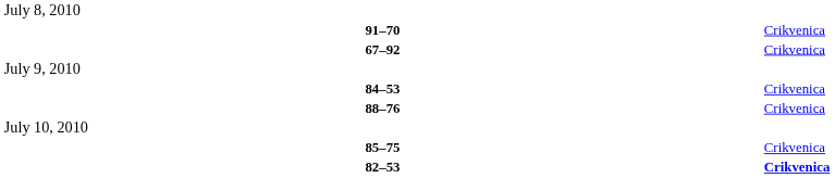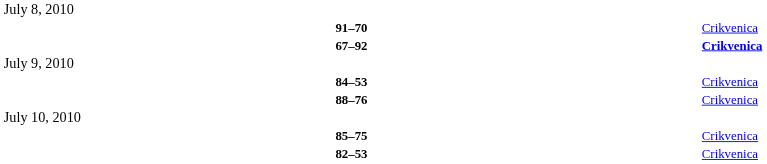 <table style="width:100%;" cellspacing="1">
 <tr>
 <th width=25%></th>
 <th width=3%></th>
 <th width=6%></th>
 <th width=3%></th>
 <th width=25%></th>
 </tr>
 <tr>
 <td>July 8, 2010</td>
 </tr>
 <tr style=font-size:90%>
 <td align=right><strong></strong></td>
 <td></td>
 <td align=center><strong>91–70</strong></td>
 <td></td>
 <td><strong></strong></td>
 <td><a href='#'>Crikvenica</a></td>
 </tr>
 <tr style=font-size:90%>
 <td align=right><strong></strong></td>
 <td></td>
 <td align=center><strong>67–92</strong></td>
 <td></td>
 <td><strong></strong></td>
-<td><a href='#'>Crikvenica</a></td>
+<td><strong><a href='#'>Crikvenica</a></strong></td>
 </tr>
 <tr>
 <td>July 9, 2010</td>
 </tr>
 <tr style=font-size:90%>
 <td align=right><strong></strong></td>
 <td></td>
 <td align=center><strong>84–53</strong></td>
 <td></td>
 <td><strong></strong></td>
 <td><a href='#'>Crikvenica</a></td>
 </tr>
 <tr style=font-size:90%>
 <td align=right><strong></strong></td>
 <td></td>
 <td align=center><strong>88–76</strong></td>
 <td></td>
 <td><strong></strong></td>
 <td><a href='#'>Crikvenica</a></td>
 </tr>
 <tr>
 <td>July 10, 2010</td>
 </tr>
 <tr style=font-size:90%>
 <td align=right><strong></strong></td>
 <td></td>
 <td align=center><strong>85–75</strong></td>
 <td></td>
 <td><strong></strong></td>
 <td><a href='#'>Crikvenica</a></td>
 </tr>
 <tr style=font-size:90%>
 <td align=right><strong></strong></td>
 <td></td>
 <td align=center><strong>82–53</strong></td>
 <td></td>
 <td><strong></strong></td>
-<td><strong><a href='#'>Crikvenica</a></strong></td>
+<td><a href='#'>Crikvenica</a></td>
 </tr>
 </table>
